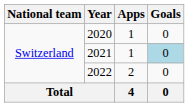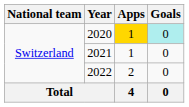 <table class="wikitable" style="text-align:center">
 <tr>
 <th>National team</th>
 <th>Year</th>
 <th>Apps</th>
 <th>Goals</th>
 </tr>
 <tr>
 <td rowspan="3"><a href='#'>Switzerland</a></td>
 <td>2020</td>
-<td>1</td>
-<td>0</td>
+<td style="background: gold;">1</td>
+<td style="background: paleturquoise;">0</td>
 </tr>
 <tr>
 <td>2021</td>
 <td>1</td>
-<td style="background: lightblue;">0</td>
+<td>0</td>
 </tr>
 <tr>
 <td>2022</td>
 <td>2</td>
 <td>0</td>
 </tr>
 <tr>
 <th colspan="2">Total</th>
 <th>4</th>
 <th>0</th>
 </tr>
 </table>
